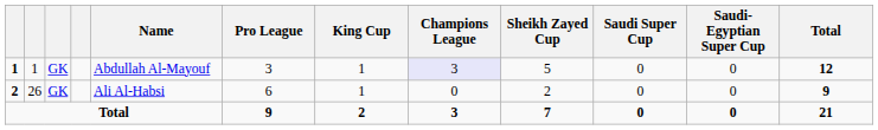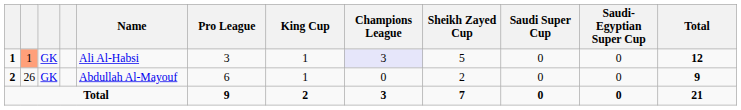 <table class="wikitable" style="text-align:center">
 <tr>
 <th width=15></th>
 <th width=15></th>
 <th width=15></th>
 <th width=15></th>
 <th width=145>Name</th>
 <th width=100>Pro League</th>
 <th width=100>King Cup</th>
 <th width=100>Champions League</th>
 <th width=100>Sheikh Zayed Cup</th>
 <th width=100>Saudi Super Cup</th>
 <th width=100>Saudi-Egyptian Super Cup</th>
 <th width=100>Total</th>
 </tr>
 <tr>
 <td><strong>1</strong></td>
-<td>1</td>
+<td style="background: lightsalmon;">1</td>
 <td><a href='#'>GK</a></td>
 <td></td>
-<td align=left><a href='#'>Abdullah Al-Mayouf</a></td>
+<td align=left><a href='#'>Ali Al-Habsi</a></td>
 <td>3</td>
 <td>1</td>
 <td style="background: lavender;">3</td>
 <td>5</td>
 <td>0</td>
 <td>0</td>
 <td><strong>12</strong></td>
 </tr>
 <tr>
 <td><strong>2</strong></td>
 <td>26</td>
 <td><a href='#'>GK</a></td>
 <td></td>
-<td align=left><a href='#'>Ali Al-Habsi</a></td>
+<td align=left><a href='#'>Abdullah Al-Mayouf</a></td>
 <td>6</td>
 <td>1</td>
 <td>0</td>
 <td>2</td>
 <td>0</td>
 <td>0</td>
 <td><strong>9</strong></td>
 </tr>
 <tr>
 <td colspan=5><strong>Total</strong></td>
 <td><strong>9</strong></td>
 <td><strong>2</strong></td>
 <td><strong>3</strong></td>
 <td><strong>7</strong></td>
 <td><strong>0</strong></td>
 <td><strong>0</strong></td>
 <td><strong>21</strong></td>
 </tr>
 </table>
